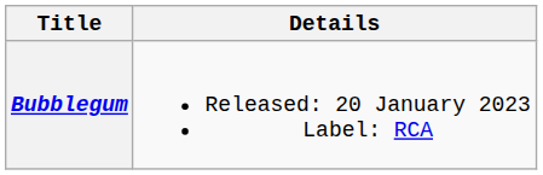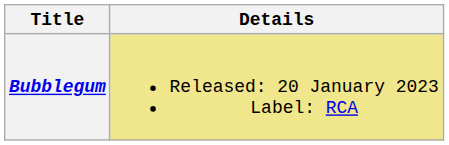 <table class="wikitable plainrowheaders" style="text-align:center;">
 <tr>
 <th scope="col">Title</th>
 <th scope="col">Details</th>
 </tr>
 <tr>
 <th scope="row"><em><a href='#'>Bubblegum</a></em></th>
-<td><br><ul><li>Released: 20 January 2023</li><li>Label: <a href='#'>RCA</a></li></ul></td>
+<td style="background: khaki;"><br><ul><li>Released: 20 January 2023</li><li>Label: <a href='#'>RCA</a></li></ul></td>
 </tr>
 </table>
